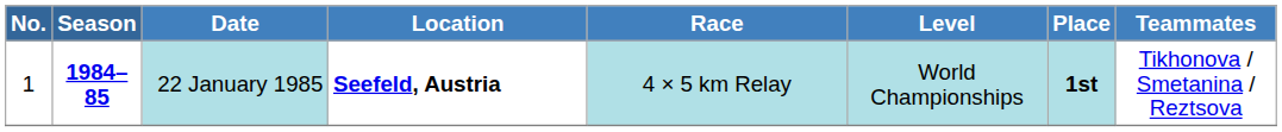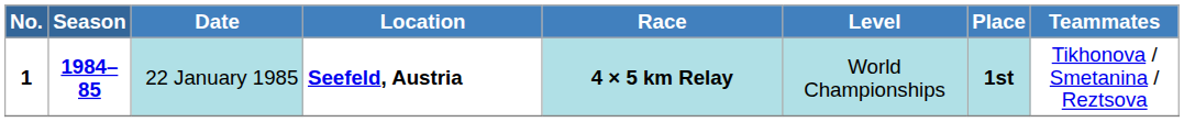 <table class="wikitable sortable" style="font-size:95%; text-align:center; border:grey solid 1px; border-collapse:collapse; background:#ffffff;">
 <tr style="background:#efefef;">
 <th style="background-color:#369; color:white;">No.</th>
 <th style="background-color:#369; color:white;">Season</th>
 <th style="background-color:#4180be; color:white; width:120px;">Date</th>
 <th style="background-color:#4180be; color:white; width:170px;">Location</th>
 <th style="background-color:#4180be; color:white; width:170px;">Race</th>
 <th style="background-color:#4180be; color:white; width:130px;">Level</th>
 <th style="background-color:#4180be; color:white;">Place</th>
 <th style="background-color:#4180be; color:white;">Teammates</th>
 </tr>
 <tr>
-<td align=center>1</td>
+<td align=center><strong>1</strong></td>
 <td rowspan=1 align=center><strong><a href='#'>1984–85</a></strong></td>
 <td bgcolor="#BOEOE6" align=right>22 January 1985</td>
 <td align=left><strong> <a href='#'>Seefeld</a>, Austria</strong></td>
-<td bgcolor="#BOEOE6">4 × 5 km Relay</td>
+<td bgcolor="#BOEOE6"><strong>4 × 5 km Relay</strong></td>
 <td bgcolor="#BOEOE6">World Championships</td>
 <td bgcolor="#BOEOE6"><strong>1st</strong></td>
 <td><a href='#'>Tikhonova</a> / <a href='#'>Smetanina</a> / <a href='#'>Reztsova</a></td>
 </tr>
 <tr>
 </tr>
 </table>
